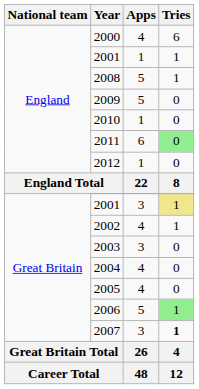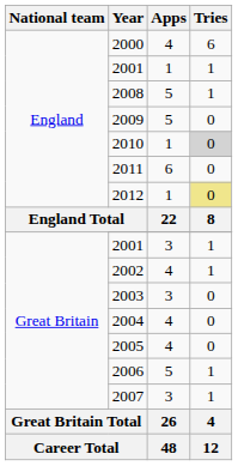 <table class="wikitable" style="text-align: center;">
 <tr>
 <th>National team</th>
 <th>Year</th>
 <th>Apps</th>
 <th>Tries</th>
 </tr>
 <tr>
 <td rowspan=7><a href='#'>England</a></td>
 <td>2000</td>
 <td>4</td>
 <td>6</td>
 </tr>
 <tr>
 <td>2001</td>
 <td>1</td>
 <td>1</td>
 </tr>
 <tr>
 <td>2008</td>
 <td>5</td>
 <td>1</td>
 </tr>
 <tr>
 <td>2009</td>
 <td>5</td>
 <td>0</td>
 </tr>
 <tr>
 <td>2010</td>
 <td>1</td>
-<td>0</td>
+<td style="background: lightgrey;">0</td>
 </tr>
 <tr>
 <td>2011</td>
 <td>6</td>
-<td style="background: lightgreen;">0</td>
+<td>0</td>
 </tr>
 <tr>
 <td>2012</td>
 <td>1</td>
-<td>0</td>
+<td style="background: khaki;">0</td>
 </tr>
 <tr>
 <th colspan=2>England Total</th>
 <th>22</th>
 <th>8</th>
 </tr>
 <tr>
 <td rowspan=8><a href='#'>Great Britain</a></td>
 </tr>
 <tr>
 <td>2001</td>
 <td>3</td>
-<td style="background: khaki;">1</td>
+<td>1</td>
 </tr>
 <tr>
 <td>2002</td>
 <td>4</td>
 <td>1</td>
 </tr>
 <tr>
 <td>2003</td>
 <td>3</td>
 <td>0</td>
 </tr>
 <tr>
 <td>2004</td>
 <td>4</td>
 <td>0</td>
 </tr>
 <tr>
 <td>2005</td>
 <td>4</td>
 <td>0</td>
 </tr>
 <tr>
 <td>2006</td>
 <td>5</td>
-<td style="background: lightgreen;">1</td>
+<td>1</td>
 </tr>
 <tr>
 <td>2007</td>
 <td>3</td>
-<td><strong>1</strong></td>
+<td>1</td>
 </tr>
 <tr>
 <th colspan=2>Great Britain Total</th>
 <th>26</th>
 <th>4</th>
 </tr>
 <tr>
 <th colspan=2>Career Total</th>
 <th>48</th>
 <th>12</th>
 </tr>
 </table>
